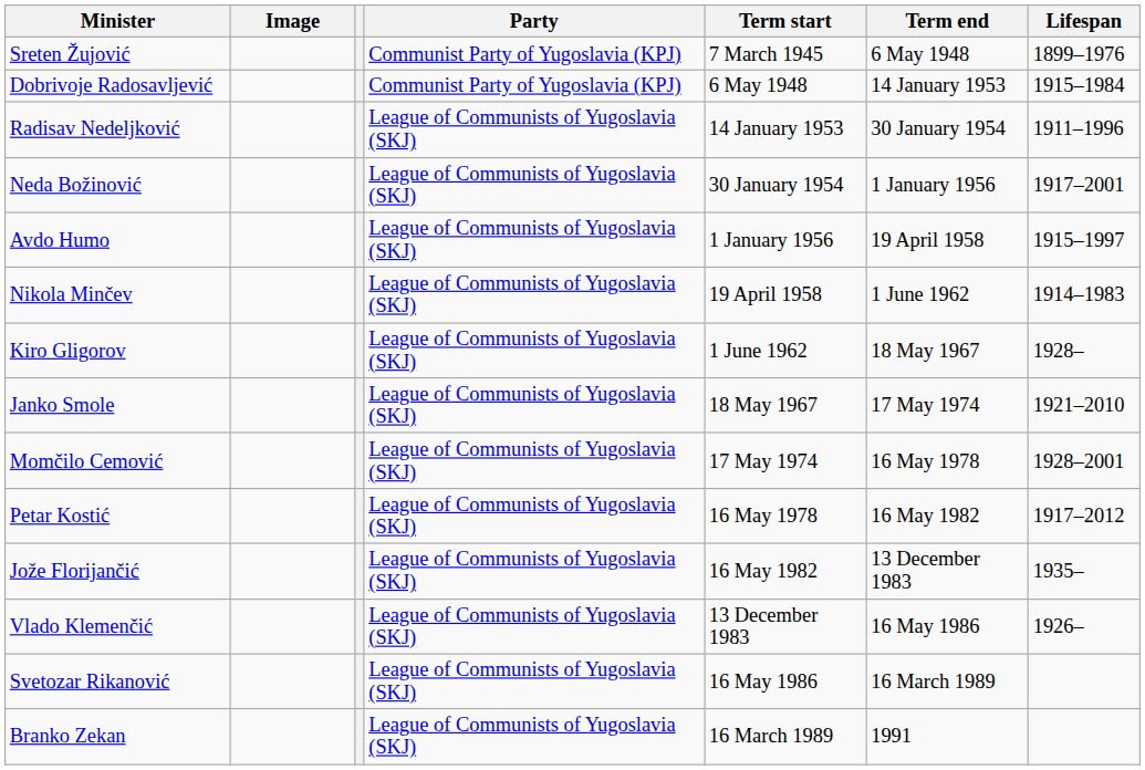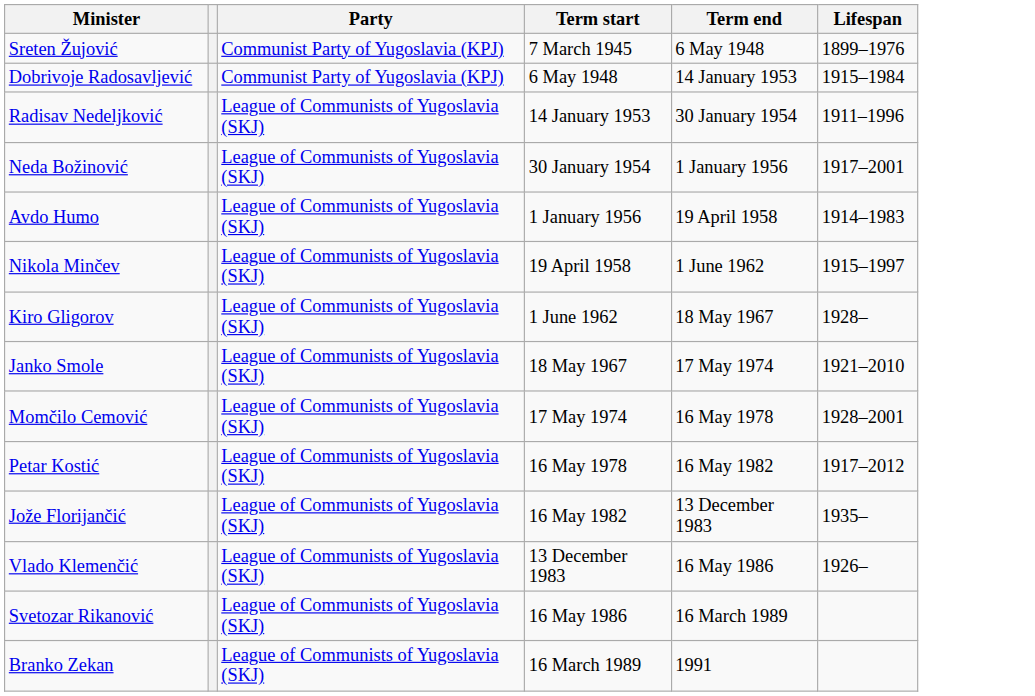 <table class="wikitable" style="text-align: left;">
 <tr>
 <th width="170">Minister</th>
-<th width="90">Image</th>
 <th></th>
 <th width="260">Party</th>
 <th width="120">Term start</th>
 <th width="120">Term end</th>
 <th width="80">Lifespan</th>
 </tr>
 <tr>
 <td><a href='#'>Sreten Žujović</a></td>
-<td></td>
 <th style="background:"></th>
 <td><a href='#'>Communist Party of Yugoslavia (KPJ)</a></td>
 <td>7 March 1945</td>
 <td>6 May 1948</td>
 <td>1899–1976</td>
 </tr>
 <tr>
 <td><a href='#'>Dobrivoje Radosavljević</a></td>
-<td></td>
 <th style="background:"></th>
 <td><a href='#'>Communist Party of Yugoslavia (KPJ)</a></td>
 <td>6 May 1948</td>
 <td>14 January 1953</td>
 <td>1915–1984</td>
 </tr>
 <tr>
 <td><a href='#'>Radisav Nedeljković</a></td>
-<td></td>
 <th style="background:"></th>
 <td><a href='#'>League of Communists of Yugoslavia (SKJ)</a></td>
 <td>14 January 1953</td>
 <td>30 January 1954</td>
 <td>1911–1996</td>
 </tr>
 <tr>
 <td><a href='#'>Neda Božinović</a></td>
-<td></td>
 <th style="background:"></th>
 <td><a href='#'>League of Communists of Yugoslavia (SKJ)</a></td>
 <td>30 January 1954</td>
 <td>1 January 1956</td>
 <td>1917–2001</td>
 </tr>
 <tr>
 <td><a href='#'>Avdo Humo</a></td>
-<td></td>
 <th style="background:"></th>
 <td><a href='#'>League of Communists of Yugoslavia (SKJ)</a></td>
 <td>1 January 1956</td>
 <td>19 April 1958</td>
-<td>1915–1997</td>
+<td>1914–1983</td>
 </tr>
 <tr>
 <td><a href='#'>Nikola Minčev</a></td>
-<td></td>
 <th style="background:"></th>
 <td><a href='#'>League of Communists of Yugoslavia (SKJ)</a></td>
 <td>19 April 1958</td>
 <td>1 June 1962</td>
-<td>1914–1983</td>
+<td>1915–1997</td>
 </tr>
 <tr>
 <td><a href='#'>Kiro Gligorov</a></td>
-<td></td>
 <th style="background:"></th>
 <td><a href='#'>League of Communists of Yugoslavia (SKJ)</a></td>
 <td>1 June 1962</td>
 <td>18 May 1967</td>
 <td>1928–</td>
 </tr>
 <tr>
 <td><a href='#'>Janko Smole</a></td>
-<td></td>
 <th style="background:"></th>
 <td><a href='#'>League of Communists of Yugoslavia (SKJ)</a></td>
 <td>18 May 1967</td>
 <td>17 May 1974</td>
 <td>1921–2010</td>
 </tr>
 <tr>
 <td><a href='#'>Momčilo Cemović</a></td>
-<td></td>
 <th style="background:"></th>
 <td><a href='#'>League of Communists of Yugoslavia (SKJ)</a></td>
 <td>17 May 1974</td>
 <td>16 May 1978</td>
 <td>1928–2001</td>
 </tr>
 <tr>
 <td><a href='#'>Petar Kostić</a></td>
-<td></td>
 <th style="background:"></th>
 <td><a href='#'>League of Communists of Yugoslavia (SKJ)</a></td>
 <td>16 May 1978</td>
 <td>16 May 1982</td>
 <td>1917–2012</td>
 </tr>
 <tr>
 <td><a href='#'>Jože Florijančić</a></td>
-<td></td>
 <th style="background:"></th>
 <td><a href='#'>League of Communists of Yugoslavia (SKJ)</a></td>
 <td>16 May 1982</td>
 <td>13 December 1983</td>
 <td>1935–</td>
 </tr>
 <tr>
 <td><a href='#'>Vlado Klemenčić</a></td>
-<td></td>
 <th style="background:"></th>
 <td><a href='#'>League of Communists of Yugoslavia (SKJ)</a></td>
 <td>13 December 1983</td>
 <td>16 May 1986</td>
 <td>1926–</td>
 </tr>
 <tr>
 <td><a href='#'>Svetozar Rikanović</a></td>
-<td></td>
 <th style="background:"></th>
 <td><a href='#'>League of Communists of Yugoslavia (SKJ)</a></td>
 <td>16 May 1986</td>
 <td>16 March 1989</td>
 <td></td>
 </tr>
 <tr>
 <td><a href='#'>Branko Zekan</a></td>
-<td></td>
 <th style="background:"></th>
 <td><a href='#'>League of Communists of Yugoslavia (SKJ)</a></td>
 <td>16 March 1989</td>
 <td>1991</td>
 <td></td>
 </tr>
 </table>
